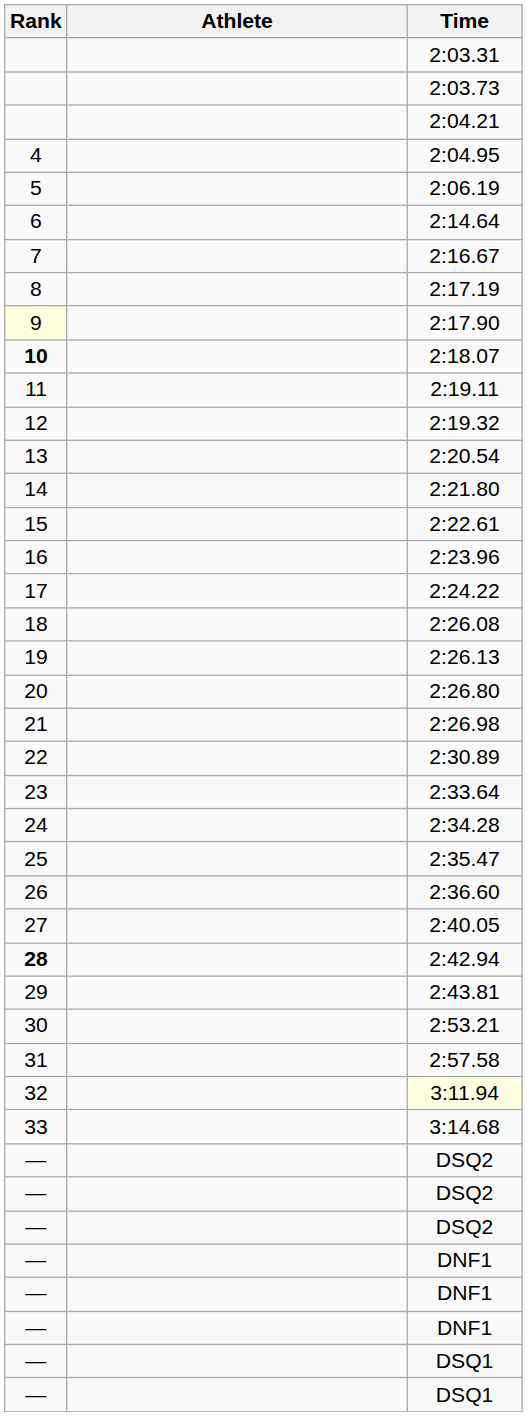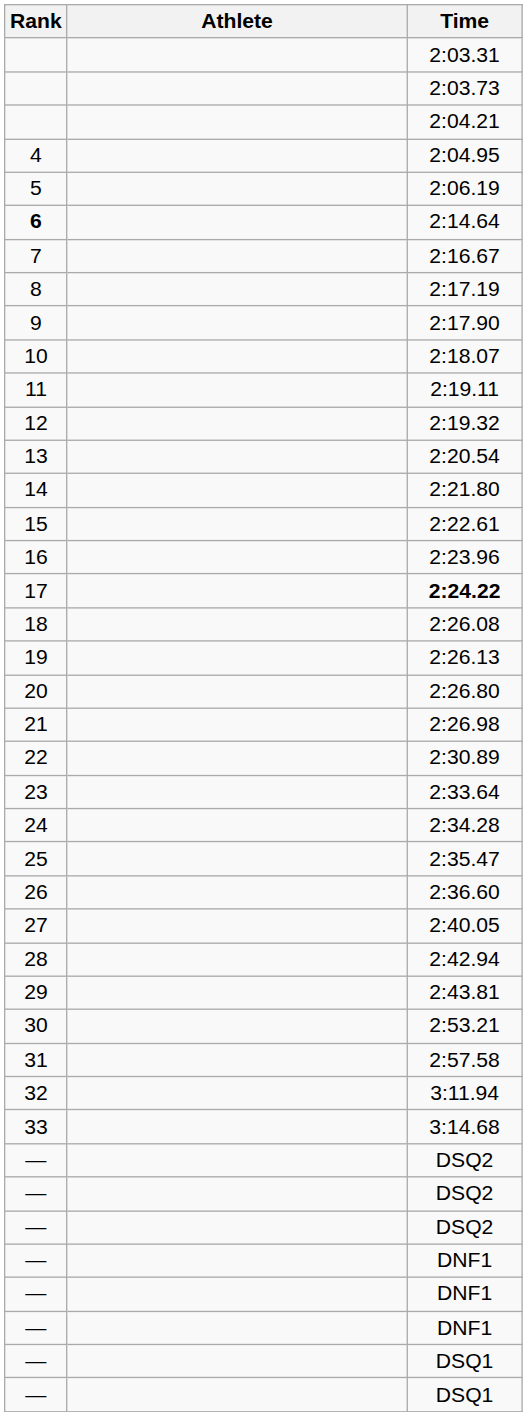 <table class=wikitable style="text-align:center">
 <tr>
 <th width=40>Rank</th>
 <th width=250>Athlete</th>
 <th width=80>Time</th>
 </tr>
 <tr>
 <td></td>
 <td align=left></td>
 <td>2:03.31</td>
 </tr>
 <tr>
 <td></td>
 <td align=left></td>
 <td>2:03.73</td>
 </tr>
 <tr>
 <td></td>
 <td align=left></td>
 <td>2:04.21</td>
 </tr>
 <tr>
 <td>4</td>
 <td align=left></td>
 <td>2:04.95</td>
 </tr>
 <tr>
 <td>5</td>
 <td align=left></td>
 <td>2:06.19</td>
 </tr>
 <tr>
-<td>6</td>
+<td><strong>6</strong></td>
 <td align=left></td>
 <td>2:14.64</td>
 </tr>
 <tr>
 <td>7</td>
 <td align=left></td>
 <td>2:16.67</td>
 </tr>
 <tr>
 <td>8</td>
 <td align=left></td>
 <td>2:17.19</td>
 </tr>
 <tr>
-<td style="background: lightyellow;">9</td>
+<td>9</td>
 <td align=left></td>
 <td>2:17.90</td>
 </tr>
 <tr>
-<td><strong>10</strong></td>
+<td>10</td>
 <td align=left></td>
 <td>2:18.07</td>
 </tr>
 <tr>
 <td>11</td>
 <td align=left></td>
 <td>2:19.11</td>
 </tr>
 <tr>
 <td>12</td>
 <td align=left></td>
 <td>2:19.32</td>
 </tr>
 <tr>
 <td>13</td>
 <td align=left></td>
 <td>2:20.54</td>
 </tr>
 <tr>
 <td>14</td>
 <td align=left></td>
 <td>2:21.80</td>
 </tr>
 <tr>
 <td>15</td>
 <td align=left></td>
 <td>2:22.61</td>
 </tr>
 <tr>
 <td>16</td>
 <td align=left></td>
 <td>2:23.96</td>
 </tr>
 <tr>
 <td>17</td>
 <td align=left></td>
-<td>2:24.22</td>
+<td><strong>2:24.22</strong></td>
 </tr>
 <tr>
 <td>18</td>
 <td align=left></td>
 <td>2:26.08</td>
 </tr>
 <tr>
 <td>19</td>
 <td align=left></td>
 <td>2:26.13</td>
 </tr>
 <tr>
 <td>20</td>
 <td align=left></td>
 <td>2:26.80</td>
 </tr>
 <tr>
 <td>21</td>
 <td align=left></td>
 <td>2:26.98</td>
 </tr>
 <tr>
 <td>22</td>
 <td align=left></td>
 <td>2:30.89</td>
 </tr>
 <tr>
 <td>23</td>
 <td align=left></td>
 <td>2:33.64</td>
 </tr>
 <tr>
 <td>24</td>
 <td align=left></td>
 <td>2:34.28</td>
 </tr>
 <tr>
 <td>25</td>
 <td align=left></td>
 <td>2:35.47</td>
 </tr>
 <tr>
 <td>26</td>
 <td align=left></td>
 <td>2:36.60</td>
 </tr>
 <tr>
 <td>27</td>
 <td align=left></td>
 <td>2:40.05</td>
 </tr>
 <tr>
-<td><strong>28</strong></td>
+<td>28</td>
 <td align=left></td>
 <td>2:42.94</td>
 </tr>
 <tr>
 <td>29</td>
 <td align=left></td>
 <td>2:43.81</td>
 </tr>
 <tr>
 <td>30</td>
 <td align=left></td>
 <td>2:53.21</td>
 </tr>
 <tr>
 <td>31</td>
 <td align=left></td>
 <td>2:57.58</td>
 </tr>
 <tr>
 <td>32</td>
 <td align=left></td>
-<td style="background: lightyellow;">3:11.94</td>
+<td>3:11.94</td>
 </tr>
 <tr>
 <td>33</td>
 <td align=left></td>
 <td>3:14.68</td>
 </tr>
 <tr>
 <td>—</td>
 <td align=left></td>
 <td>DSQ2</td>
 </tr>
 <tr>
 <td>—</td>
 <td align=left></td>
 <td>DSQ2</td>
 </tr>
 <tr>
 <td>—</td>
 <td align=left></td>
 <td>DSQ2</td>
 </tr>
 <tr>
 <td>—</td>
 <td align=left></td>
 <td>DNF1</td>
 </tr>
 <tr>
 <td>—</td>
 <td align=left></td>
 <td>DNF1</td>
 </tr>
 <tr>
 <td>—</td>
 <td align=left></td>
 <td>DNF1</td>
 </tr>
 <tr>
 <td>—</td>
 <td align=left></td>
 <td>DSQ1</td>
 </tr>
 <tr>
 <td>—</td>
 <td align=left></td>
 <td>DSQ1</td>
 </tr>
 </table>
